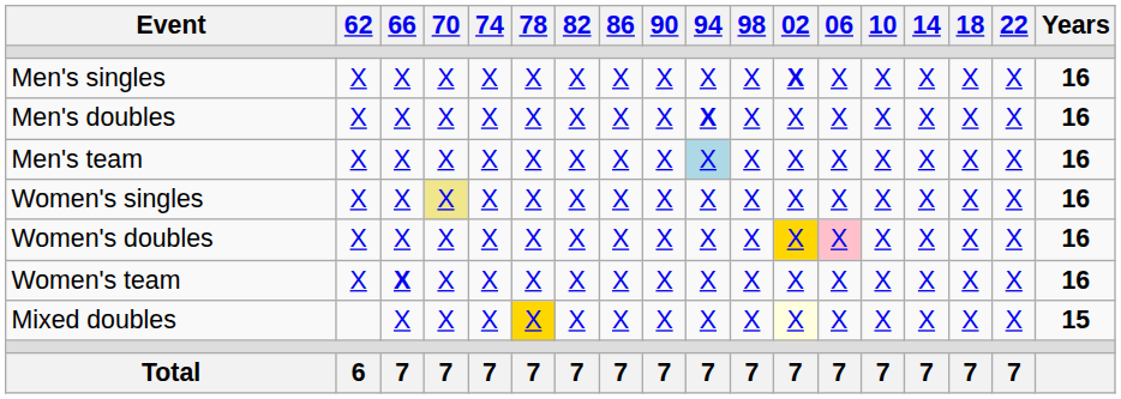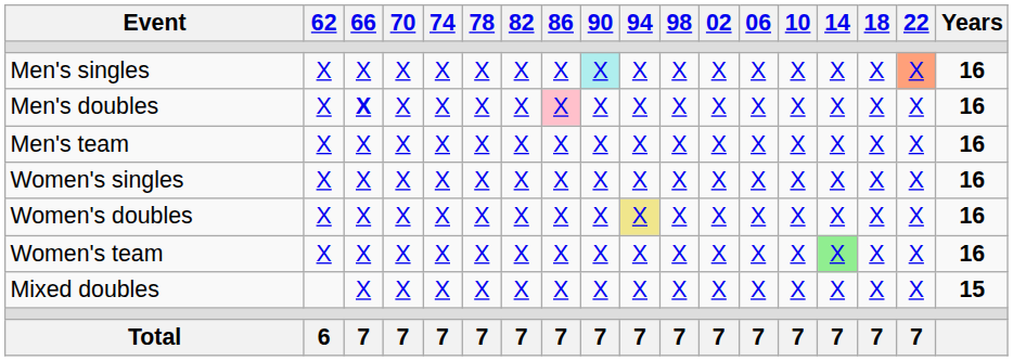 <table class="wikitable" style="text-align:center">
 <tr>
 <th width="200">Event</th>
 <th width=20><a href='#'>62</a></th>
 <th width=20><a href='#'>66</a></th>
 <th width=20><a href='#'>70</a></th>
 <th width=20><a href='#'>74</a></th>
 <th width=20><a href='#'>78</a></th>
 <th width=20><a href='#'>82</a></th>
 <th width=20><a href='#'>86</a></th>
 <th width=20><a href='#'>90</a></th>
 <th width=20><a href='#'>94</a></th>
 <th width=20><a href='#'>98</a></th>
 <th width=20><a href='#'>02</a></th>
 <th width=20><a href='#'>06</a></th>
 <th width=20><a href='#'>10</a></th>
 <th width=20><a href='#'>14</a></th>
 <th width=20><a href='#'>18</a></th>
 <th width=20><a href='#'>22</a></th>
 <th width=40>Years</th>
 </tr>
 <tr bgcolor=#DDDDDD>
 <td colspan=18></td>
 </tr>
 <tr>
 <td align=left>Men's singles</td>
 <td><a href='#'>X</a></td>
 <td><a href='#'>X</a></td>
 <td><a href='#'>X</a></td>
 <td><a href='#'>X</a></td>
 <td><a href='#'>X</a></td>
 <td><a href='#'>X</a></td>
 <td><a href='#'>X</a></td>
-<td><a href='#'>X</a></td>
-<td><a href='#'>X</a></td>
-<td><a href='#'>X</a></td>
-<td><strong><a href='#'>X</a></strong></td>
-<td><a href='#'>X</a></td>
-<td><a href='#'>X</a></td>
-<td><a href='#'>X</a></td>
-<td><a href='#'>X</a></td>
-<td><a href='#'>X</a></td>
-<td><strong>16</strong></td>
-</tr>
-<tr>
-<td align=left>Men's doubles</td>
+<td style="background: paleturquoise;"><a href='#'>X</a></td>
 <td><a href='#'>X</a></td>
 <td><a href='#'>X</a></td>
 <td><a href='#'>X</a></td>
 <td><a href='#'>X</a></td>
 <td><a href='#'>X</a></td>
 <td><a href='#'>X</a></td>
 <td><a href='#'>X</a></td>
+<td style="background: lightsalmon;"><a href='#'>X</a></td>
+<td><strong>16</strong></td>
+</tr>
+<tr>
+<td align=left>Men's doubles</td>
 <td><a href='#'>X</a></td>
 <td><strong><a href='#'>X</a></strong></td>
+<td><a href='#'>X</a></td>
+<td><a href='#'>X</a></td>
+<td><a href='#'>X</a></td>
+<td><a href='#'>X</a></td>
+<td style="background: pink;"><a href='#'>X</a></td>
+<td><a href='#'>X</a></td>
+<td><a href='#'>X</a></td>
 <td><a href='#'>X</a></td>
 <td><a href='#'>X</a></td>
 <td><a href='#'>X</a></td>
 <td><a href='#'>X</a></td>
 <td><a href='#'>X</a></td>
 <td><a href='#'>X</a></td>
 <td><a href='#'>X</a></td>
 <td><strong>16</strong></td>
 </tr>
 <tr>
 <td align=left>Men's team</td>
 <td><a href='#'>X</a></td>
 <td><a href='#'>X</a></td>
 <td><a href='#'>X</a></td>
 <td><a href='#'>X</a></td>
 <td><a href='#'>X</a></td>
 <td><a href='#'>X</a></td>
 <td><a href='#'>X</a></td>
 <td><a href='#'>X</a></td>
-<td style="background: lightblue;"><a href='#'>X</a></td>
+<td><a href='#'>X</a></td>
 <td><a href='#'>X</a></td>
 <td><a href='#'>X</a></td>
 <td><a href='#'>X</a></td>
 <td><a href='#'>X</a></td>
 <td><a href='#'>X</a></td>
 <td><a href='#'>X</a></td>
 <td><a href='#'>X</a></td>
 <td><strong>16</strong></td>
 </tr>
 <tr>
 <td align=left>Women's singles</td>
 <td><a href='#'>X</a></td>
 <td><a href='#'>X</a></td>
-<td style="background: khaki;"><a href='#'>X</a></td>
+<td><a href='#'>X</a></td>
 <td><a href='#'>X</a></td>
 <td><a href='#'>X</a></td>
 <td><a href='#'>X</a></td>
 <td><a href='#'>X</a></td>
 <td><a href='#'>X</a></td>
 <td><a href='#'>X</a></td>
 <td><a href='#'>X</a></td>
 <td><a href='#'>X</a></td>
 <td><a href='#'>X</a></td>
 <td><a href='#'>X</a></td>
 <td><a href='#'>X</a></td>
 <td><a href='#'>X</a></td>
 <td><a href='#'>X</a></td>
 <td><strong>16</strong></td>
 </tr>
 <tr>
 <td align=left>Women's doubles</td>
 <td><a href='#'>X</a></td>
 <td><a href='#'>X</a></td>
 <td><a href='#'>X</a></td>
 <td><a href='#'>X</a></td>
 <td><a href='#'>X</a></td>
 <td><a href='#'>X</a></td>
 <td><a href='#'>X</a></td>
 <td><a href='#'>X</a></td>
+<td style="background: khaki;"><a href='#'>X</a></td>
 <td><a href='#'>X</a></td>
 <td><a href='#'>X</a></td>
-<td style="background: gold;"><a href='#'>X</a></td>
-<td style="background: pink;"><a href='#'>X</a></td>
+<td><a href='#'>X</a></td>
 <td><a href='#'>X</a></td>
 <td><a href='#'>X</a></td>
 <td><a href='#'>X</a></td>
 <td><a href='#'>X</a></td>
 <td><strong>16</strong></td>
 </tr>
 <tr>
 <td align=left>Women's team</td>
-<td><a href='#'>X</a></td>
-<td><strong><a href='#'>X</a></strong></td>
 <td><a href='#'>X</a></td>
 <td><a href='#'>X</a></td>
 <td><a href='#'>X</a></td>
 <td><a href='#'>X</a></td>
 <td><a href='#'>X</a></td>
 <td><a href='#'>X</a></td>
 <td><a href='#'>X</a></td>
 <td><a href='#'>X</a></td>
 <td><a href='#'>X</a></td>
 <td><a href='#'>X</a></td>
 <td><a href='#'>X</a></td>
 <td><a href='#'>X</a></td>
 <td><a href='#'>X</a></td>
+<td style="background: lightgreen;"><a href='#'>X</a></td>
+<td><a href='#'>X</a></td>
 <td><a href='#'>X</a></td>
 <td><strong>16</strong></td>
 </tr>
 <tr>
 <td align=left>Mixed doubles</td>
 <td></td>
 <td><a href='#'>X</a></td>
 <td><a href='#'>X</a></td>
 <td><a href='#'>X</a></td>
-<td style="background: gold;"><a href='#'>X</a></td>
 <td><a href='#'>X</a></td>
 <td><a href='#'>X</a></td>
 <td><a href='#'>X</a></td>
 <td><a href='#'>X</a></td>
 <td><a href='#'>X</a></td>
-<td style="background: lightyellow;"><a href='#'>X</a></td>
+<td><a href='#'>X</a></td>
+<td><a href='#'>X</a></td>
 <td><a href='#'>X</a></td>
 <td><a href='#'>X</a></td>
 <td><a href='#'>X</a></td>
 <td><a href='#'>X</a></td>
 <td><a href='#'>X</a></td>
 <td><strong>15</strong></td>
 </tr>
 <tr bgcolor=#DDDDDD>
 <td colspan=18></td>
 </tr>
 <tr>
 <th>Total</th>
 <th>6</th>
 <th>7</th>
 <th>7</th>
 <th>7</th>
 <th>7</th>
 <th>7</th>
 <th>7</th>
 <th>7</th>
 <th>7</th>
 <th>7</th>
 <th>7</th>
 <th>7</th>
 <th>7</th>
 <th>7</th>
 <th>7</th>
 <th>7</th>
 <th></th>
 </tr>
 </table>
